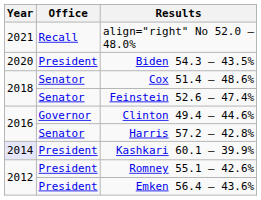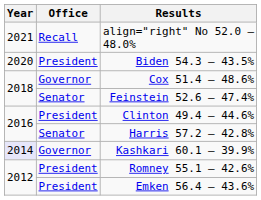 <table class=wikitable>
 <tr>
 <th width="30">Year</th>
 <th width="60">Office</th>
 <th width="180">Results</th>
 </tr>
 <tr>
 <td>2021</td>
 <td><a href='#'>Recall</a></td>
 <td>align="right"  No 52.0 – 48.0%</td>
 </tr>
 <tr>
 <td rowspan="1">2020</td>
 <td><a href='#'>President</a></td>
 <td align="right" ><a href='#'>Biden</a> 54.3 – 43.5%</td>
 </tr>
 <tr>
 <td rowspan="2">2018</td>
-<td><a href='#'>Senator</a></td>
+<td><a href='#'>Governor</a></td>
 <td align="right" ><a href='#'>Cox</a> 51.4 – 48.6%</td>
 </tr>
 <tr>
 <td><a href='#'>Senator</a></td>
 <td align="right" ><a href='#'>Feinstein</a> 52.6 – 47.4%</td>
 </tr>
 <tr>
 <td rowspan="2">2016</td>
-<td><a href='#'>Governor</a></td>
+<td><a href='#'>President</a></td>
 <td align="right" ><a href='#'>Clinton</a> 49.4 – 44.6%</td>
 </tr>
 <tr>
 <td><a href='#'>Senator</a></td>
 <td align="right" ><a href='#'>Harris</a> 57.2 – 42.8%</td>
 </tr>
 <tr>
 <td style="background: lavender;">2014</td>
-<td><a href='#'>President</a></td>
+<td><a href='#'>Governor</a></td>
 <td align="right" ><a href='#'>Kashkari</a> 60.1 – 39.9%</td>
 </tr>
 <tr>
 <td rowspan="2">2012</td>
 <td><a href='#'>President</a></td>
 <td align="right" ><a href='#'>Romney</a> 55.1 – 42.6%</td>
 </tr>
 <tr>
 <td><a href='#'>President</a></td>
 <td align="right" ><a href='#'>Emken</a> 56.4 – 43.6%</td>
 </tr>
 </table>
